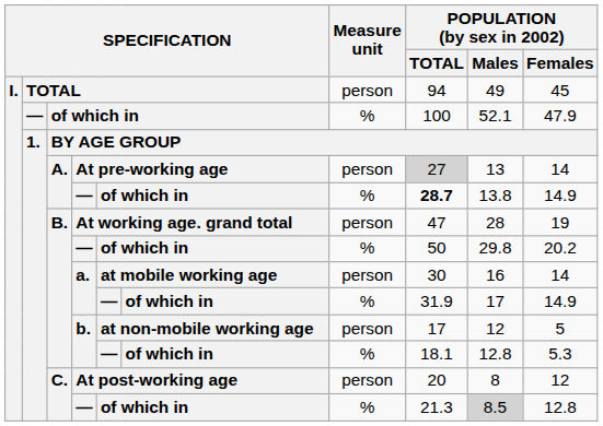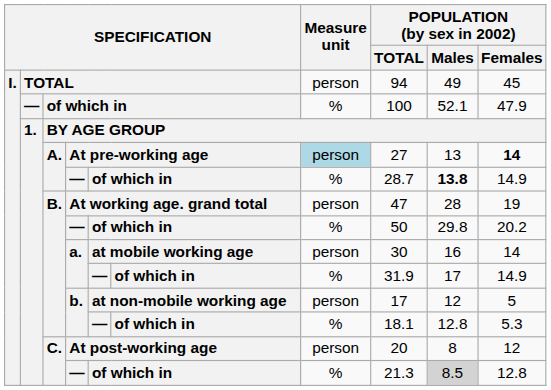 <table class="wikitable" style="font-size:85%; text-align:center">
 <tr>
 <th rowspan="2" colspan="6">SPECIFICATION</th>
 <th rowspan="2">Measure<br> unit</th>
 <th colspan="3" rowspan="1">POPULATION<br> (by sex in 2002)</th>
 </tr>
 <tr>
 <th>TOTAL</th>
 <th>Males</th>
 <th>Females</th>
 </tr>
 <tr>
 <th style="text-align:left" valign="top" rowspan="13">I.</th>
 <th style="text-align:left" colspan="5">TOTAL</th>
 <td>person</td>
 <td>94</td>
 <td>49</td>
 <td>45</td>
 </tr>
 <tr>
 <th style="text-align:left" valign="top">—</th>
 <th style="text-align:left" colspan="4">of which in</th>
 <td>%</td>
 <td>100</td>
 <td>52.1</td>
 <td>47.9</td>
 </tr>
 <tr>
 <th style="text-align:left" valign="top" rowspan="11">1.</th>
 <th style="text-align:left" colspan="19">BY AGE GROUP</th>
 </tr>
 <tr>
 <th style="text-align:left" valign="top" rowspan="2">A.</th>
 <th style="text-align:left" colspan="3">At pre-working age</th>
-<td>person</td>
-<td style="background: lightgrey;">27</td>
+<td style="background: lightblue;">person</td>
+<td>27</td>
 <td>13</td>
-<td>14</td>
+<td><strong>14</strong></td>
 </tr>
 <tr>
 <th style="text-align:left" valign="top">—</th>
 <th style="text-align:left" valign="top" colspan="2">of which in</th>
 <td>%</td>
-<td><strong>28.7</strong></td>
-<td>13.8</td>
+<td>28.7</td>
+<td><strong>13.8</strong></td>
 <td>14.9</td>
 </tr>
 <tr>
 <th style="text-align:left" valign="top" rowspan="6">B.</th>
 <th style="text-align:left" colspan="3">At working age. grand total</th>
 <td>person</td>
 <td>47</td>
 <td>28</td>
 <td>19</td>
 </tr>
 <tr>
 <th style="text-align:left" valign="top">—</th>
 <th style="text-align:left" valign="top" colspan="2">of which in</th>
 <td>%</td>
 <td>50</td>
 <td>29.8</td>
 <td>20.2</td>
 </tr>
 <tr>
 <th style="text-align:left" valign="top" rowspan="2">a.</th>
 <th style="text-align:left" colspan="2">at mobile working age</th>
 <td>person</td>
 <td>30</td>
 <td>16</td>
 <td>14</td>
 </tr>
 <tr>
 <th style="text-align:left" valign="top">—</th>
 <th style="text-align:left" valign="top" colspan="1">of which in                        </th>
 <td>%</td>
 <td>31.9</td>
 <td>17</td>
 <td>14.9</td>
 </tr>
 <tr>
 <th style="text-align:left" valign="top" rowspan="2">b.</th>
 <th style="text-align:left" colspan="2">at non-mobile working age</th>
 <td>person</td>
 <td>17</td>
 <td>12</td>
 <td>5</td>
 </tr>
 <tr>
 <th style="text-align:left" valign="top">—</th>
 <th style="text-align:left" valign="top" colspan="1">of which in                        </th>
 <td>%</td>
 <td>18.1</td>
 <td>12.8</td>
 <td>5.3</td>
 </tr>
 <tr>
 <th style="text-align:left" valign="top" rowspan="2">C.</th>
 <th style="text-align:left" colspan="3">At post-working age</th>
 <td>person</td>
 <td>20</td>
 <td>8</td>
 <td>12</td>
 </tr>
 <tr>
 <th style="text-align:left" valign="top">—</th>
 <th style="text-align:left" valign="top" colspan="2">of which in</th>
 <td>%</td>
 <td>21.3</td>
 <td style="background: lightgrey;">8.5</td>
 <td>12.8</td>
 </tr>
 </table>
